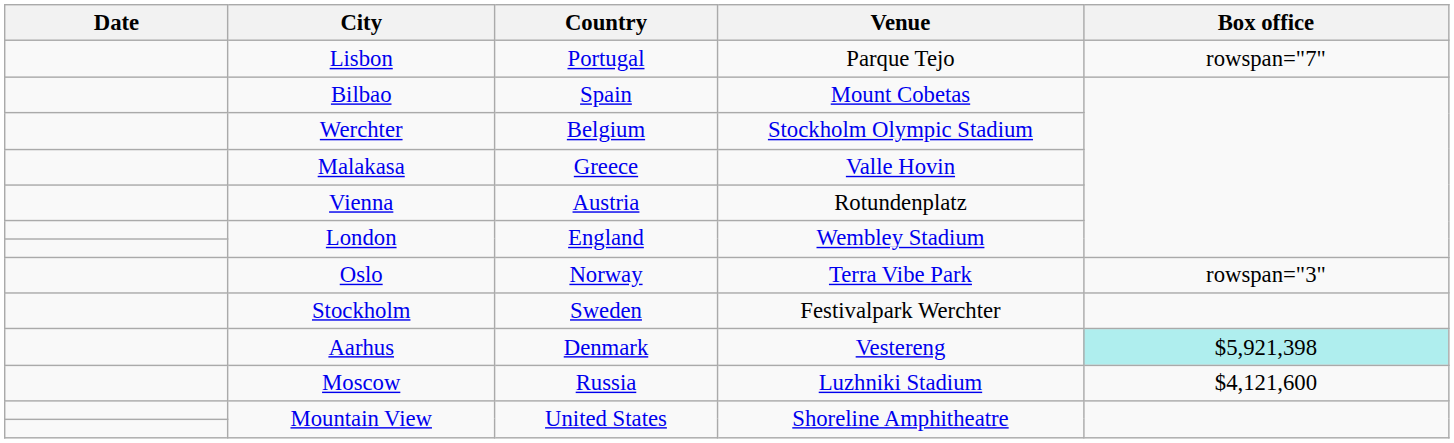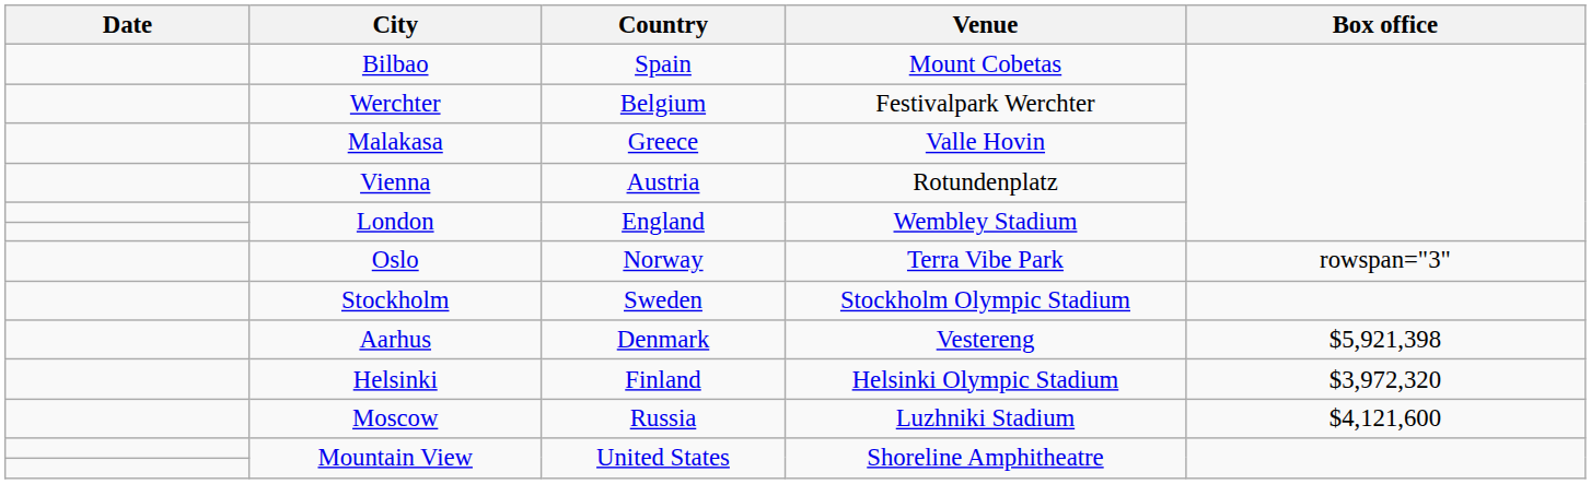 <table class="wikitable plainrowheaders" style="text-align:center;">
 <tr>
 <th style="width:150px;">Date</th>
 <th style="width:180px;">City</th>
 <th style="width:150px;">Country</th>
 <th style="width:250px;">Venue</th>
 <th style="width:250px;">Box office</th>
-</tr>
-<tr>
-<td></td>
-<td><a href='#'>Lisbon</a></td>
-<td><a href='#'>Portugal</a></td>
-<td>Parque Tejo</td>
-<td>rowspan="7"</td>
 </tr>
 <tr>
 <td></td>
 <td><a href='#'>Bilbao</a></td>
 <td><a href='#'>Spain</a></td>
 <td><a href='#'>Mount Cobetas</a></td>
 </tr>
 <tr>
 <td></td>
 <td><a href='#'>Werchter</a></td>
 <td><a href='#'>Belgium</a></td>
-<td><a href='#'>Stockholm Olympic Stadium</a></td>
+<td>Festivalpark Werchter</td>
 </tr>
 <tr>
 <td></td>
 <td><a href='#'>Malakasa</a></td>
 <td><a href='#'>Greece</a></td>
 <td><a href='#'>Valle Hovin</a></td>
 </tr>
 <tr>
 <td></td>
 <td><a href='#'>Vienna</a></td>
 <td><a href='#'>Austria</a></td>
 <td>Rotundenplatz</td>
 </tr>
 <tr>
 <td></td>
 <td rowspan="2"><a href='#'>London</a></td>
 <td rowspan="2"><a href='#'>England</a></td>
 <td rowspan="2"><a href='#'>Wembley Stadium</a></td>
 </tr>
 <tr>
 <td></td>
 </tr>
 <tr>
 <td></td>
 <td><a href='#'>Oslo</a></td>
 <td><a href='#'>Norway</a></td>
 <td><a href='#'>Terra Vibe Park</a></td>
 <td>rowspan="3"</td>
 </tr>
 <tr>
 <td></td>
 <td><a href='#'>Stockholm</a></td>
 <td><a href='#'>Sweden</a></td>
-<td>Festivalpark Werchter</td>
+<td><a href='#'>Stockholm Olympic Stadium</a></td>
 <td></td>
 </tr>
 <tr>
 <td></td>
 <td><a href='#'>Aarhus</a></td>
 <td><a href='#'>Denmark</a></td>
 <td><a href='#'>Vestereng</a></td>
-<td style="background: paleturquoise;">$5,921,398</td>
+<td>$5,921,398</td>
+</tr>
+<tr>
+<td></td>
+<td><a href='#'>Helsinki</a></td>
+<td><a href='#'>Finland</a></td>
+<td><a href='#'>Helsinki Olympic Stadium</a></td>
+<td>$3,972,320</td>
 </tr>
 <tr>
 <td></td>
 <td><a href='#'>Moscow</a></td>
 <td><a href='#'>Russia</a></td>
 <td><a href='#'>Luzhniki Stadium</a></td>
 <td>$4,121,600</td>
 </tr>
 <tr>
 <td></td>
 <td rowspan="2"><a href='#'>Mountain View</a></td>
 <td rowspan="2"><a href='#'>United States</a></td>
 <td rowspan="2"><a href='#'>Shoreline Amphitheatre</a></td>
 </tr>
 <tr>
 <td></td>
 </tr>
 </table>
